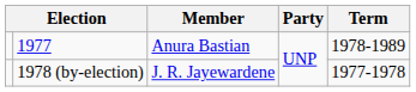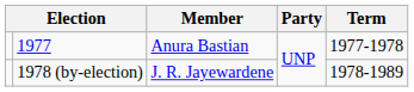 <table class="wikitable">
 <tr>
 <th colspan="2">Election</th>
 <th>Member</th>
 <th>Party</th>
 <th>Term</th>
 </tr>
 <tr>
 <td style="background-color: "></td>
 <td><a href='#'>1977</a></td>
 <td><a href='#'>Anura Bastian</a></td>
 <td rowspan=2><a href='#'>UNP</a></td>
-<td>1978-1989</td>
+<td>1977-1978</td>
 </tr>
 <tr>
 <td style="background-color: "></td>
 <td>1978 (by-election)</td>
 <td><a href='#'>J. R. Jayewardene</a></td>
-<td>1977-1978</td>
+<td>1978-1989</td>
 </tr>
 </table>
